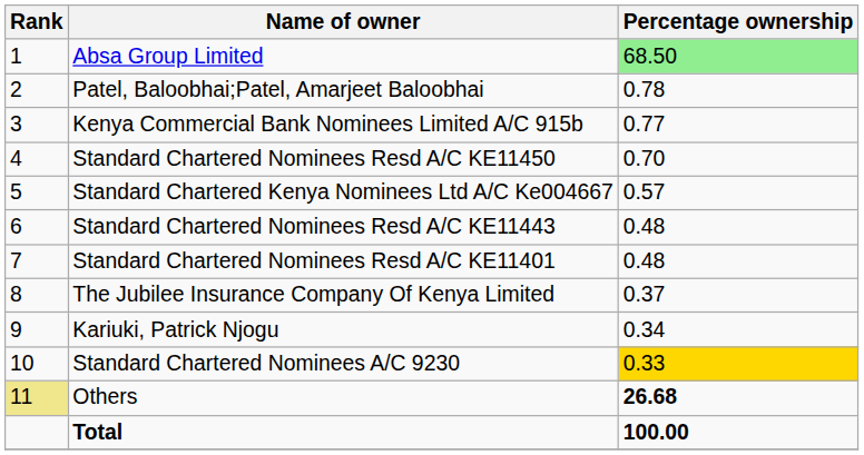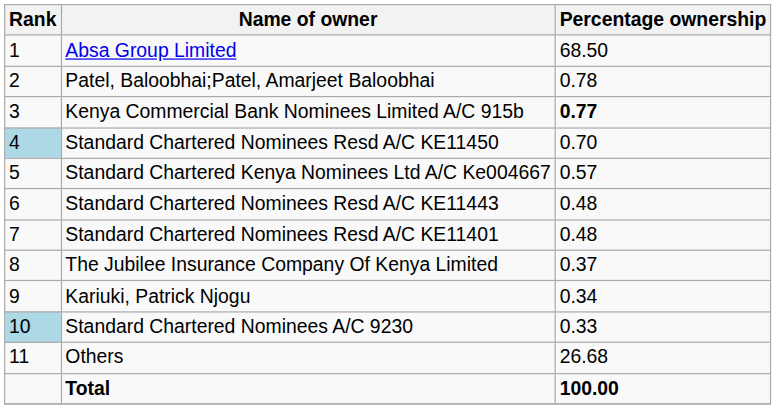 <table class="wikitable sortable">
 <tr>
 <th>Rank</th>
 <th>Name of owner</th>
 <th>Percentage ownership</th>
 </tr>
 <tr>
 <td>1</td>
 <td><a href='#'>Absa Group Limited</a></td>
-<td style="background: lightgreen;">68.50</td>
+<td>68.50</td>
 </tr>
 <tr>
 <td>2</td>
 <td>Patel, Baloobhai;Patel, Amarjeet Baloobhai</td>
 <td>0.78</td>
 </tr>
 <tr>
 <td>3</td>
 <td>Kenya Commercial Bank Nominees Limited A/C 915b</td>
-<td>0.77</td>
+<td><strong>0.77</strong></td>
 </tr>
 <tr>
-<td>4</td>
+<td style="background: lightblue;">4</td>
 <td>Standard Chartered Nominees Resd A/C KE11450</td>
 <td>0.70</td>
 </tr>
 <tr>
 <td>5</td>
 <td>Standard Chartered Kenya Nominees Ltd A/C Ke004667</td>
 <td>0.57</td>
 </tr>
 <tr>
 <td>6</td>
 <td>Standard Chartered Nominees Resd A/C KE11443</td>
 <td>0.48</td>
 </tr>
 <tr>
 <td>7</td>
 <td>Standard Chartered Nominees Resd A/C KE11401</td>
 <td>0.48</td>
 </tr>
 <tr>
 <td>8</td>
 <td>The Jubilee Insurance Company Of Kenya Limited</td>
 <td>0.37</td>
 </tr>
 <tr>
 <td>9</td>
 <td>Kariuki, Patrick Njogu</td>
 <td>0.34</td>
 </tr>
 <tr>
-<td>10</td>
+<td style="background: lightblue;">10</td>
 <td>Standard Chartered Nominees A/C 9230</td>
-<td style="background: gold;">0.33</td>
+<td>0.33</td>
 </tr>
 <tr>
-<td style="background: khaki;">11</td>
+<td>11</td>
 <td>Others</td>
-<td><strong>26.68</strong></td>
+<td>26.68</td>
 </tr>
 <tr>
 <td></td>
 <td><strong>Total</strong></td>
 <td><strong>100.00</strong></td>
 </tr>
 <tr>
 </tr>
 </table>
